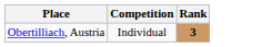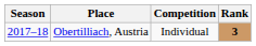 <table class="wikitable sortable" style="text-align: center;">
 <tr>
+<th>Season</th>
 <th>Place</th>
 <th>Competition</th>
 <th>Rank</th>
 </tr>
 <tr>
+<td><a href='#'>2017–18</a></td>
 <td style="text-align: left;"> <a href='#'>Obertilliach</a>, Austria</td>
 <td>Individual</td>
 <td bgcolor="cc9966"><strong>3</strong></td>
 </tr>
 </table>
